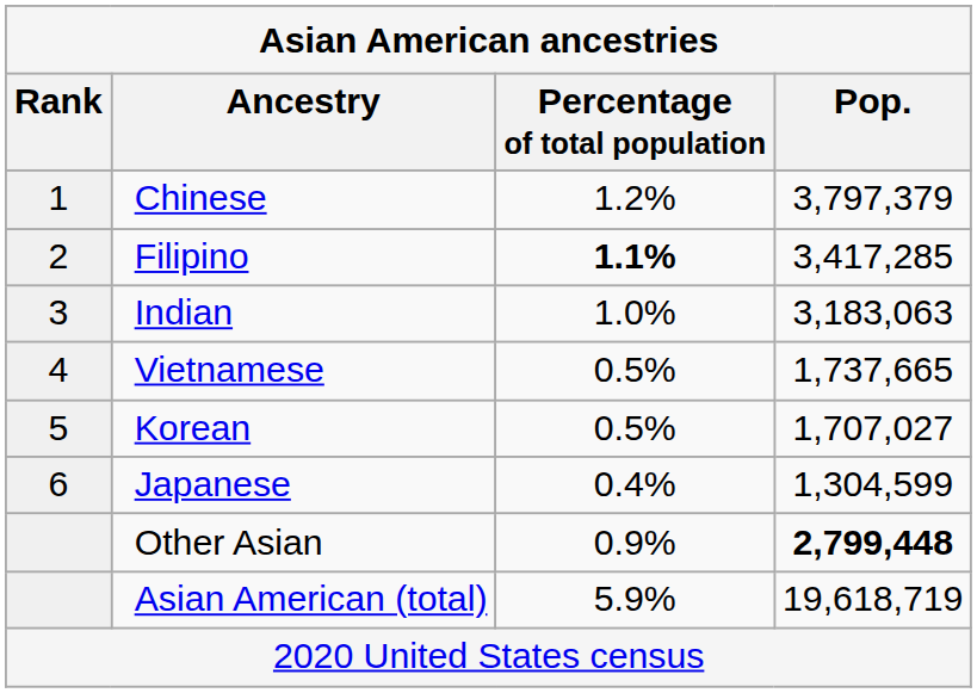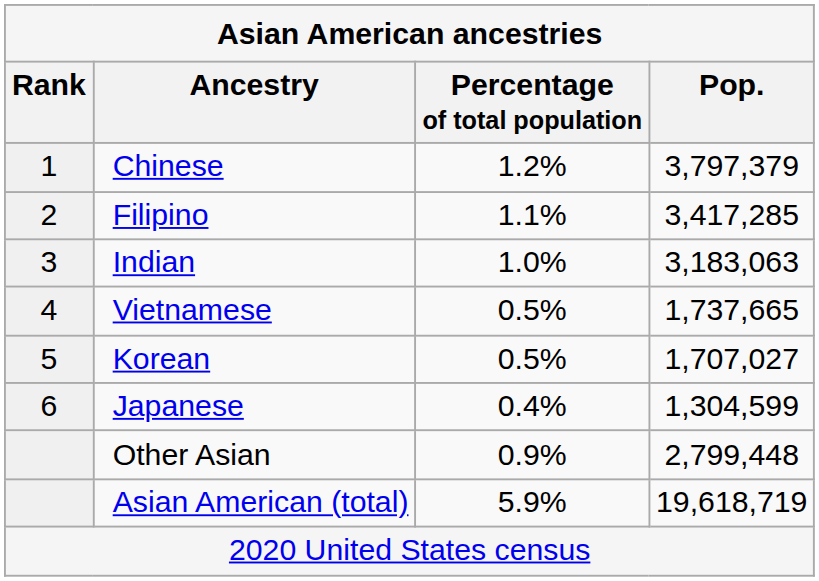 <table class="wikitable" style="text-align:center; margin-right:10px; font-size:100%">
 <tr>
 <th colspan="5" style="padding:0.3em 0; line-height:1.2em; background:#f5f5f5;">Asian American ancestries</th>
 </tr>
 <tr style="background:#f5f5f5;" valign="top">
 <th>Rank</th>
 <th>Ancestry</th>
 <th>Percentage<br><small>of total population</small></th>
 <th>Pop.</th>
 </tr>
 <tr valign="top">
 <td style="background:#f0f0f0; text-align: center;">1</td>
 <td style="text-align: left; padding-left: 10px;"><a href='#'>Chinese</a></td>
 <td>1.2%</td>
 <td>3,797,379</td>
 </tr>
 <tr valign="top">
 <td style="background:#f0f0f0; text-align: center;">2</td>
 <td style="text-align: left; padding-left: 10px;"><a href='#'>Filipino</a></td>
-<td><strong>1.1%</strong></td>
+<td>1.1%</td>
 <td>3,417,285</td>
 </tr>
 <tr valign="top">
 <td style="background:#f0f0f0; text-align: center;">3</td>
 <td style="text-align: left; padding-left: 10px;"><a href='#'>Indian</a></td>
 <td>1.0%</td>
 <td>3,183,063</td>
 </tr>
 <tr valign="top">
 <td style="background:#f0f0f0; text-align: center;">4</td>
 <td style="text-align: left; padding-left: 10px;"><a href='#'>Vietnamese</a></td>
 <td>0.5%</td>
 <td>1,737,665</td>
 </tr>
 <tr valign="top">
 <td style="background:#f0f0f0; text-align: center;">5</td>
 <td style="text-align: left; padding-left: 10px;"><a href='#'>Korean</a></td>
 <td>0.5%</td>
 <td>1,707,027</td>
 </tr>
 <tr valign="top">
 <td style="background:#f0f0f0; text-align: center;">6</td>
 <td style="text-align: left; padding-left: 10px;"><a href='#'>Japanese</a></td>
 <td>0.4%</td>
 <td>1,304,599</td>
 </tr>
 <tr valign="top">
 <td style="background:#f0f0f0; text-align: center;"></td>
 <td style="text-align: left; padding-left: 10px;">Other Asian</td>
 <td>0.9%</td>
-<td><strong>2,799,448</strong></td>
+<td>2,799,448</td>
 </tr>
 <tr valign="top">
 <td style="background:#f0f0f0; text-align: center;"></td>
 <td style="text-align: left; padding-left: 10px;"><a href='#'>Asian American (total)</a></td>
 <td>5.9%</td>
 <td>19,618,719</td>
 </tr>
 <tr valign="top">
 <td colspan="4" style="background:#f5f5f5; text-align: center;"><a href='#'>2020 United States census</a></td>
 </tr>
 </table>
